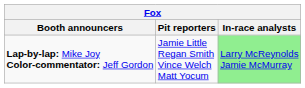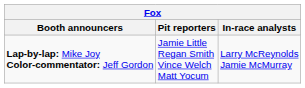 <table class="wikitable" style="font-size: 95%">
 <tr>
 <th colspan="3"><a href='#'>Fox</a></th>
 </tr>
 <tr>
 <th>Booth announcers</th>
 <th>Pit reporters</th>
 <th>In-race analysts</th>
 </tr>
 <tr>
 <td><strong>Lap-by-lap:</strong> <a href='#'>Mike Joy</a><br><strong>Color-commentator:</strong> <a href='#'>Jeff Gordon</a></td>
 <td><a href='#'>Jamie Little</a><br><a href='#'>Regan Smith</a><br><a href='#'>Vince Welch</a><br><a href='#'>Matt Yocum</a></td>
-<td style="background: lightgreen;"><a href='#'>Larry McReynolds</a><br><a href='#'>Jamie McMurray</a></td>
+<td><a href='#'>Larry McReynolds</a><br><a href='#'>Jamie McMurray</a></td>
 </tr>
 </table>
